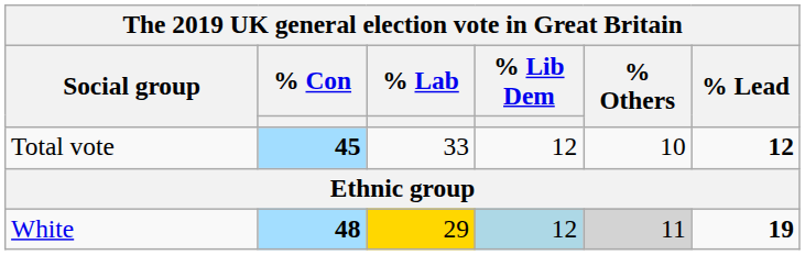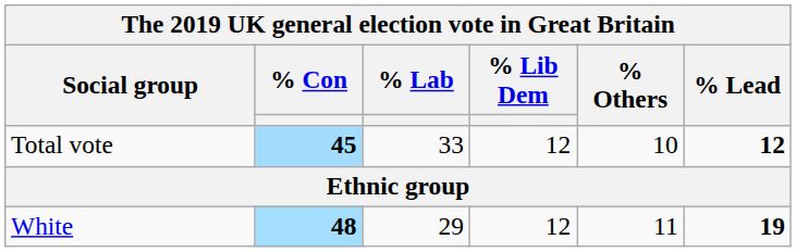 <table class=wikitable>
 <tr>
 <th colspan="10">The 2019 UK general election vote in Great Britain</th>
 </tr>
 <tr>
 <th style="width:150px;" rowspan="2">Social group</th>
 <th style="width:60px;" class="unsortable">% <a href='#'>Con</a></th>
 <th style="width:60px;" class="unsortable">% <a href='#'>Lab</a></th>
 <th style="width:60px;" class="unsortable">% <a href='#'>Lib Dem</a></th>
 <th style="width:60px;" rowspan="2" class="unsortable">% Others</th>
 <th style="width:60px;" rowspan="2" class="unsortable">% Lead</th>
 </tr>
 <tr>
 <th class="unsortable" style="color:inherit;background:"></th>
 <th class="unsortable" style="color:inherit;background:"></th>
 <th class="unsortable" style="color:inherit;background:"></th>
 </tr>
 <tr>
 <td>Total vote</td>
 <td style="text-align:right; background:#A2DDFF;"><strong>45</strong></td>
 <td style="text-align:right;">33</td>
 <td style="text-align:right;">12</td>
 <td style="text-align:right;">10</td>
 <td style="text-align:right; background:"><strong>12</strong></td>
 </tr>
 <tr>
 <th colspan=9>Ethnic group</th>
 </tr>
 <tr>
 <td><a href='#'>White</a></td>
 <td style="text-align:right; background:#A3DEFF;"><strong>48</strong></td>
-<td style="background: gold; text-align:right;">29</td>
-<td style="background: lightblue; text-align:right;">12</td>
-<td style="background: lightgrey; text-align:right;">11</td>
+<td style="text-align:right;">29</td>
+<td style="text-align:right;">12</td>
+<td style="text-align:right;">11</td>
 <td style="text-align:right; background:"><strong>19</strong></td>
 </tr>
 </table>
